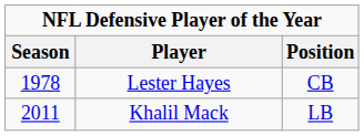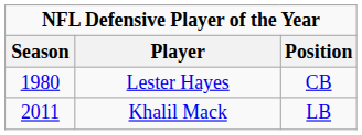 <table class="wikitable sortable" style="text-align:center">
 <tr>
 <td colspan="3"><strong>NFL Defensive Player of the Year</strong></td>
 </tr>
 <tr>
 <th style="width:50px; ">Season</th>
 <th style="width:160px; ">Player</th>
 <th style="width:50px; ">Position</th>
 </tr>
 <tr>
-<td><a href='#'>1978</a></td>
+<td><a href='#'>1980</a></td>
 <td><a href='#'>Lester Hayes</a></td>
 <td><a href='#'>CB</a></td>
 </tr>
 <tr>
 <td><a href='#'>2011</a></td>
 <td><a href='#'>Khalil Mack</a></td>
 <td><a href='#'>LB</a></td>
 </tr>
 </table>
